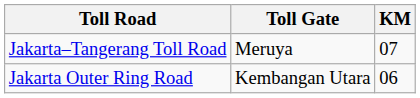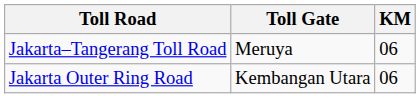 <table class="wikitable">
 <tr>
 <th>Toll Road</th>
 <th>Toll Gate</th>
 <th>KM</th>
 </tr>
 <tr>
 <td><a href='#'>Jakarta–Tangerang Toll Road</a></td>
 <td>Meruya</td>
-<td>07</td>
+<td>06</td>
 </tr>
 <tr>
 <td><a href='#'>Jakarta Outer Ring Road</a></td>
 <td>Kembangan Utara</td>
 <td>06</td>
 </tr>
 </table>
